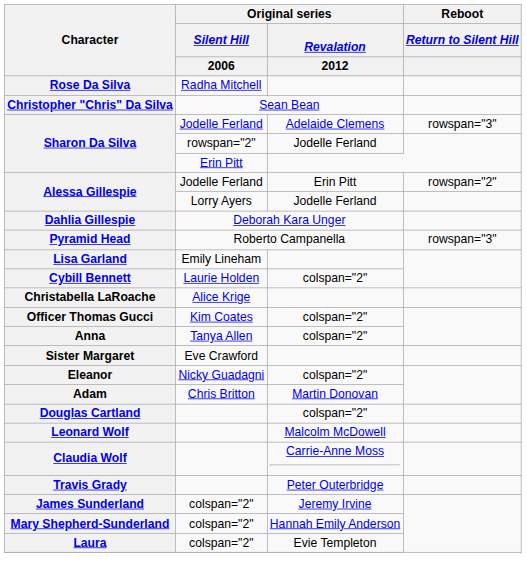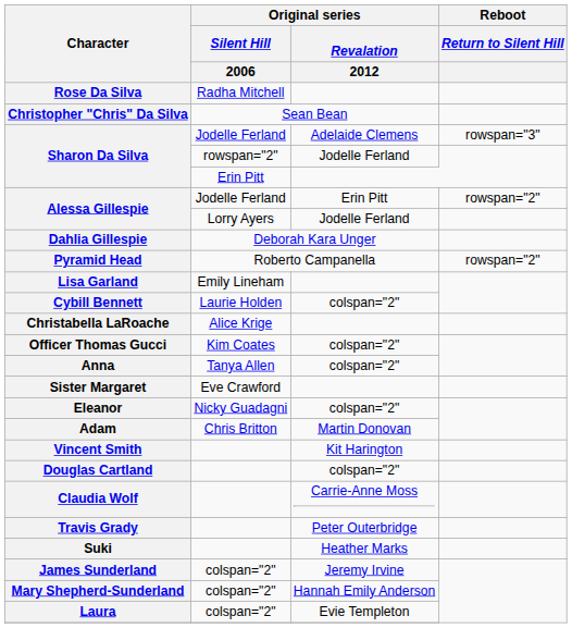 <table class="wikitable plainrowheaders" style="text-align:center">
 <tr>
 <th rowspan="3">Character</th>
 <th colspan="2">Original series</th>
 <th>Reboot</th>
 </tr>
 <tr>
 <th><em><a href='#'>Silent Hill</a></em></th>
 <th><em><a href='#'><br>Revalation</a></em></th>
 <th><em><a href='#'>Return to Silent Hill</a></em></th>
 </tr>
 <tr>
 <th>2006</th>
 <th>2012</th>
 <th></th>
 </tr>
 <tr>
 <th><a href='#'>Rose Da Silva</a></th>
 <td><a href='#'>Radha Mitchell</a></td>
 <td></td>
 <td></td>
 </tr>
 <tr>
 <th><a href='#'>Christopher "Chris" Da Silva<br></a></th>
 <td colspan="2"><a href='#'>Sean Bean</a></td>
 <td></td>
 </tr>
 <tr>
 <th rowspan="3"><a href='#'>Sharon Da Silva</a><br></th>
 <td><a href='#'>Jodelle Ferland</a></td>
 <td><a href='#'>Adelaide Clemens</a></td>
 <td>rowspan="3" </td>
 </tr>
 <tr>
 <td>rowspan="2" </td>
 <td>Jodelle Ferland</td>
 </tr>
 <tr>
 <td><a href='#'>Erin Pitt</a></td>
 </tr>
 <tr>
 <th rowspan="2"><a href='#'>Alessa Gillespie</a></th>
 <td>Jodelle Ferland</td>
 <td>Erin Pitt</td>
 <td>rowspan="2" </td>
 </tr>
 <tr>
 <td>Lorry Ayers</td>
 <td>Jodelle Ferland</td>
 </tr>
 <tr>
 <th><a href='#'>Dahlia Gillespie</a></th>
 <td colspan="2"><a href='#'>Deborah Kara Unger</a></td>
 <td></td>
 </tr>
 <tr>
 <th><a href='#'>Pyramid Head</a></th>
 <td colspan="2">Roberto Campanella</td>
-<td>rowspan="3" </td>
+<td>rowspan="2" </td>
 </tr>
 <tr>
 <th><a href='#'>Lisa Garland<br></a></th>
 <td>Emily Lineham</td>
 <td></td>
 </tr>
 <tr>
 <th><a href='#'>Cybill Bennett</a></th>
 <td><a href='#'>Laurie Holden</a></td>
 <td>colspan="2" </td>
 </tr>
 <tr>
 <th>Christabella LaRoache</th>
 <td><a href='#'>Alice Krige</a></td>
 <td></td>
 <td></td>
 </tr>
 <tr>
 <th>Officer Thomas Gucci</th>
 <td><a href='#'>Kim Coates</a></td>
 <td>colspan="2" </td>
 </tr>
 <tr>
 <th>Anna</th>
 <td><a href='#'>Tanya Allen</a></td>
 <td>colspan="2" </td>
 </tr>
 <tr>
 <th>Sister Margaret</th>
 <td>Eve Crawford</td>
 <td></td>
 <td></td>
 </tr>
 <tr>
 <th>Eleanor</th>
 <td><a href='#'>Nicky Guadagni</a></td>
 <td>colspan="2" </td>
 </tr>
 <tr>
 <th>Adam</th>
 <td><a href='#'>Chris Britton</a></td>
 <td><a href='#'>Martin Donovan</a></td>
 </tr>
 <tr>
+<th><a href='#'>Vincent Smith</a></th>
+<td></td>
+<td><a href='#'>Kit Harington</a></td>
+<td></td>
+</tr>
+<tr>
 <th><a href='#'>Douglas Cartland</a></th>
 <td></td>
 <td>colspan="2" </td>
-<td></td>
-</tr>
-<tr>
-<th><a href='#'>Leonard Wolf</a></th>
-<td></td>
-<td><a href='#'>Malcolm McDowell</a></td>
 <td></td>
 </tr>
 <tr>
 <th><a href='#'>Claudia Wolf<br></a></th>
 <td></td>
 <td><a href='#'>Carrie-Anne Moss</a><hr></td>
 <td></td>
 </tr>
 <tr>
 <th><a href='#'>Travis Grady</a></th>
 <td></td>
 <td><a href='#'>Peter Outerbridge</a></td>
+<td></td>
+</tr>
+<tr>
+<th>Suki</th>
+<td></td>
+<td><a href='#'>Heather Marks</a></td>
 <td></td>
 </tr>
 <tr>
 <th><a href='#'>James Sunderland</a></th>
 <td>colspan="2" </td>
 <td><a href='#'>Jeremy Irvine</a></td>
 </tr>
 <tr>
 <th><a href='#'>Mary Shepherd-Sunderland</a></th>
 <td>colspan="2" </td>
 <td><a href='#'>Hannah Emily Anderson</a></td>
 </tr>
 <tr>
 <th><a href='#'>Laura</a></th>
 <td>colspan="2" </td>
 <td>Evie Templeton</td>
 </tr>
 <tr>
 </tr>
 </table>
